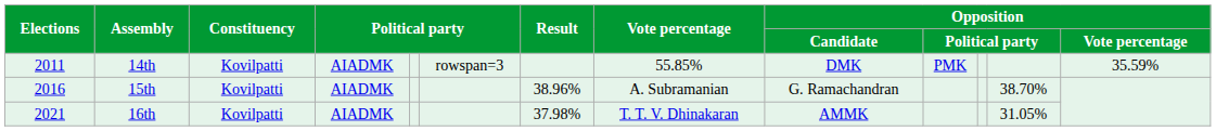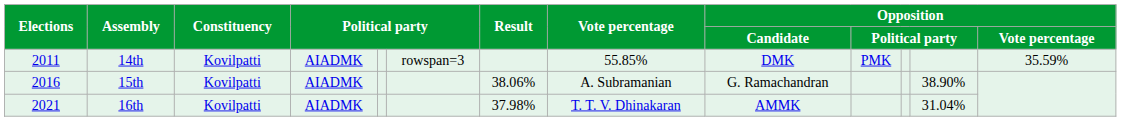 <table class="wikitable sortable" style="width:100%;background:#E5F4EA;text-align:center">
 <tr>
 <th style="background-color:#009933;color:white"rowspan=2>Elections</th>
 <th style="background-color:#009933;color:white"rowspan=2>Assembly</th>
 <th style="background-color:#009933;color:white"rowspan=2>Constituency</th>
 <th style="background-color:#009933;color:white"colspan=3 rowspan=2>Political party</th>
 <th style="background-color:#009933;color:white"rowspan=2>Result</th>
 <th style="background-color:#009933;color:white"rowspan=2>Vote percentage</th>
 <th style="background-color:#009933;color:white"colspan=5>Opposition</th>
 </tr>
 <tr>
 <th style="background-color:#009933;color:white">Candidate</th>
 <th style="background-color:#009933;color:white"colspan=3>Political party</th>
 <th style="background-color:#009933;color:white">Vote percentage</th>
 </tr>
 <tr>
 <td><a href='#'>2011</a></td>
 <td><a href='#'>14th</a></td>
 <td><a href='#'>Kovilpatti</a></td>
 <td><a href='#'>AIADMK</a></td>
 <td></td>
 <td>rowspan=3 </td>
 <td></td>
 <td>55.85%</td>
 <td><a href='#'>DMK</a></td>
 <td><a href='#'>PMK</a></td>
 <td></td>
 <td></td>
 <td>35.59%</td>
 </tr>
 <tr>
 <td><a href='#'>2016</a></td>
 <td><a href='#'>15th</a></td>
 <td><a href='#'>Kovilpatti</a></td>
 <td><a href='#'>AIADMK</a></td>
 <td></td>
 <td></td>
-<td>38.96%</td>
+<td>38.06%</td>
 <td>A. Subramanian</td>
 <td>G. Ramachandran</td>
 <td></td>
 <td></td>
-<td>38.70%</td>
+<td>38.90%</td>
 </tr>
 <tr>
 <td><a href='#'>2021</a></td>
 <td><a href='#'>16th</a></td>
 <td><a href='#'>Kovilpatti</a></td>
 <td><a href='#'>AIADMK</a></td>
 <td></td>
 <td></td>
 <td>37.98%</td>
 <td><a href='#'>T. T. V. Dhinakaran</a></td>
 <td><a href='#'>AMMK</a></td>
 <td></td>
 <td></td>
-<td>31.05%</td>
+<td>31.04%</td>
 </tr>
 </table>
